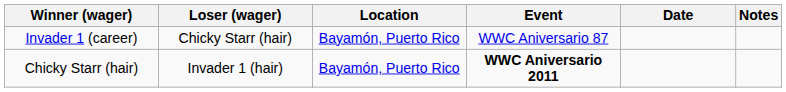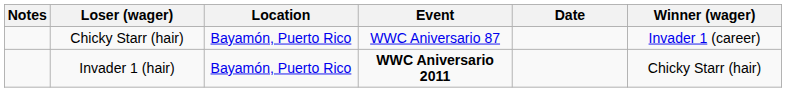 <table class="wikitable sortable" width=100%  style="text-align: center">
 <tr>
-<th width=20% scope="col">Winner (wager)</th>
+<th class="unsortable" width=5% scope="col">Notes</th>
 <th width=20% scope="col">Loser (wager)</th>
 <th width=20% scope="col">Location</th>
 <th width=20% scope="col">Event</th>
 <th width=15% scope="col">Date</th>
-<th class="unsortable" width=5% scope="col">Notes</th>
+<th width=20% scope="col">Winner (wager)</th>
 </tr>
 <tr>
-<td><a href='#'>Invader 1</a> (career)</td>
+<td></td>
 <td>Chicky Starr (hair)</td>
 <td><a href='#'>Bayamón, Puerto Rico</a></td>
 <td><a href='#'>WWC Aniversario 87</a></td>
 <td></td>
-<td></td>
+<td><a href='#'>Invader 1</a> (career)</td>
 </tr>
 <tr>
-<td>Chicky Starr (hair)</td>
+<td></td>
 <td>Invader 1 (hair)</td>
 <td><a href='#'>Bayamón, Puerto Rico</a></td>
 <td><strong>WWC Aniversario 2011</strong></td>
 <td></td>
-<td></td>
+<td>Chicky Starr (hair)</td>
 </tr>
 </table>
